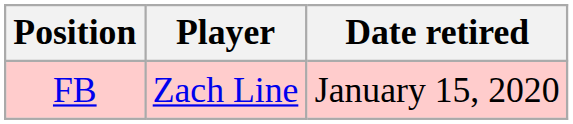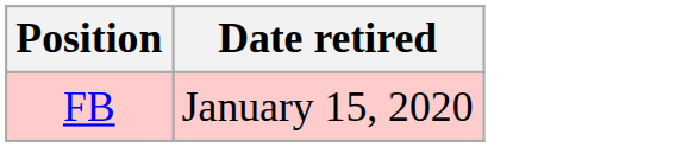 <table class="wikitable" style="text-align:center">
 <tr>
 <th>Position</th>
-<th>Player</th>
 <th>Date retired</th>
 </tr>
 <tr style="background:#fcc">
 <td><a href='#'>FB</a></td>
-<td><a href='#'>Zach Line</a></td>
 <td>January 15, 2020</td>
 </tr>
 </table>
